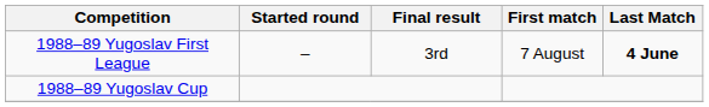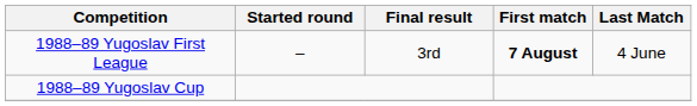 <table class="wikitable" style="text-align: center;">
 <tr>
 <th width="220">Competition</th>
 <th width="120">Started round</th>
 <th width="120">Final result</th>
 <th width="90">First match</th>
 <th width="90">Last Match</th>
 </tr>
 <tr>
 <td><a href='#'>1988–89 Yugoslav First League</a></td>
 <td>–</td>
 <td>3rd</td>
-<td>7 August</td>
-<td><strong>4 June</strong></td>
+<td><strong>7 August</strong></td>
+<td>4 June</td>
 </tr>
 <tr>
 <td><a href='#'>1988–89 Yugoslav Cup</a></td>
 <td colspan=2></td>
 <td colspan=2></td>
 </tr>
 <tr>
 </tr>
 </table>
